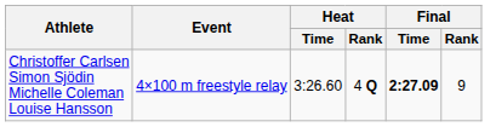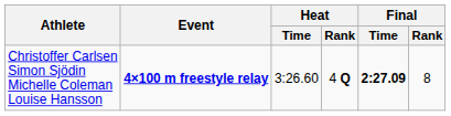 <table class=wikitable style="font-size:90%">
 <tr>
 <th rowspan="2">Athlete</th>
 <th rowspan="2">Event</th>
 <th colspan="2">Heat</th>
 <th colspan="2">Final</th>
 </tr>
 <tr style="font-size:95%">
 <th>Time</th>
 <th>Rank</th>
 <th>Time</th>
 <th>Rank</th>
 </tr>
 <tr align=center>
 <td align=left><a href='#'>Christoffer Carlsen</a><br><a href='#'>Simon Sjödin</a><br><a href='#'>Michelle Coleman</a><br><a href='#'>Louise Hansson</a></td>
-<td align=left><a href='#'>4×100 m freestyle relay</a></td>
+<td align=left><strong><a href='#'>4×100 m freestyle relay</a></strong></td>
 <td>3:26.60</td>
 <td>4 <strong>Q</strong></td>
 <td><strong>2:27.09</strong></td>
-<td>9</td>
+<td>8</td>
 </tr>
 </table>
